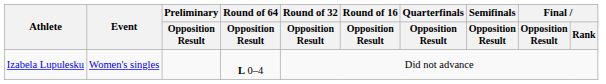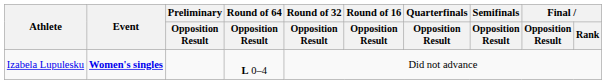 <table class=wikitable style=font-size:90%;text-align:center>
 <tr>
 <th rowspan=2>Athlete</th>
 <th rowspan=2>Event</th>
 <th>Preliminary</th>
 <th>Round of 64</th>
 <th>Round of 32</th>
 <th>Round of 16</th>
 <th>Quarterfinals</th>
 <th>Semifinals</th>
 <th colspan=2>Final / </th>
 </tr>
 <tr style=font-size:95%>
 <th>Opposition<br>Result</th>
 <th>Opposition<br>Result</th>
 <th>Opposition<br>Result</th>
 <th>Opposition<br>Result</th>
 <th>Opposition<br>Result</th>
 <th>Opposition<br>Result</th>
 <th>Opposition<br>Result</th>
 <th>Rank</th>
 </tr>
 <tr>
 <td align=left><a href='#'>Izabela Lupulesku</a></td>
-<td align=left><a href='#'>Women's singles</a></td>
+<td align=left><strong><a href='#'>Women's singles</a></strong></td>
 <td></td>
 <td><br><strong>L</strong> 0–4</td>
 <td colspan=6>Did not advance</td>
 </tr>
 </table>
